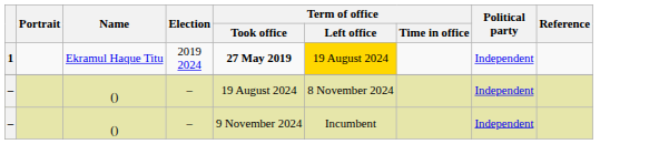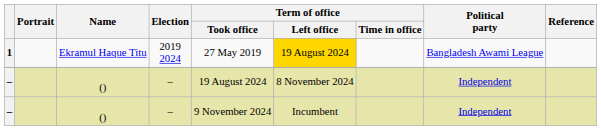 <table class="wikitable" style="text-align:center">
 <tr>
 <th rowspan="2"></th>
 <th rowspan="2">Portrait</th>
 <th rowspan="2">Name<br></th>
 <th rowspan="2">Election</th>
 <th colspan="3"><strong>Term of office</strong></th>
 <th rowspan="2"><strong>Political<br> party</strong></th>
 <th rowspan="2"><strong>Reference</strong></th>
 </tr>
 <tr>
 <th><strong>Took office</strong></th>
 <th><strong>Left office</strong></th>
 <th><strong>Time in office</strong></th>
 </tr>
 <tr>
 <th style="background:">1</th>
 <td align=center></td>
 <td><a href='#'>Ekramul Haque Titu</a></td>
 <td>2019<br><a href='#'>2024</a></td>
-<td align=center><strong>27 May 2019</strong></td>
+<td align=center>27 May 2019</td>
 <td align=center style="background: gold;">19 August 2024</td>
 <td></td>
-<td><a href='#'>Independent</a></td>
+<td><a href='#'>Bangladesh Awami League</a></td>
 <td></td>
 </tr>
 <tr>
 </tr>
 <tr style="background:#e6e6aa;">
 <th style="background:">–</th>
 <td align=center></td>
 <td><br>()</td>
 <td>–</td>
 <td align=center>19 August 2024</td>
 <td align=center>8 November 2024</td>
 <td></td>
 <td><a href='#'>Independent</a></td>
 <td></td>
 </tr>
 <tr style="background:#e6e6aa;">
 <th style="background:">–</th>
 <td align=center></td>
 <td><br>()</td>
 <td>–</td>
 <td align=center>9 November 2024</td>
 <td align=center>Incumbent</td>
 <td></td>
 <td><a href='#'>Independent</a></td>
 <td></td>
 </tr>
 </table>
